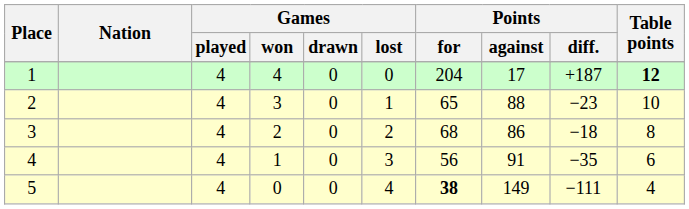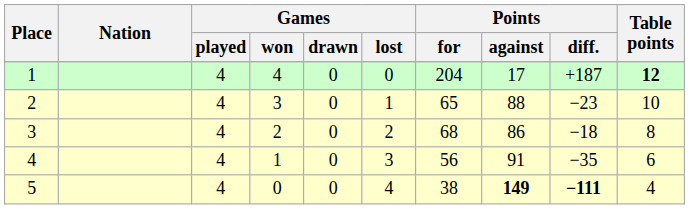 <table class="wikitable">
 <tr>
 <th rowspan=2 width="8%">Place</th>
 <th rowspan=2 width="20%">Nation</th>
 <th colspan=4 width="32%">Games</th>
 <th colspan=3 width="30%">Points</th>
 <th rowspan=2 width="10%">Table<br>points</th>
 </tr>
 <tr>
 <th width="8%">played</th>
 <th width="8%">won</th>
 <th width="8%">drawn</th>
 <th width="8%">lost</th>
 <th width="10%">for</th>
 <th width="10%">against</th>
 <th width="10%">diff.</th>
 </tr>
 <tr>
 </tr>
 <tr bgcolor=#ccffcc align=center>
 <td>1</td>
 <td align=left></td>
 <td>4</td>
 <td>4</td>
 <td>0</td>
 <td>0</td>
 <td>204</td>
 <td>17</td>
 <td>+187</td>
 <td><strong>12</strong></td>
 </tr>
 <tr bgcolor=#ffffcc align=center>
 <td>2</td>
 <td align=left></td>
 <td>4</td>
 <td>3</td>
 <td>0</td>
 <td>1</td>
 <td>65</td>
 <td>88</td>
 <td>−23</td>
 <td>10</td>
 </tr>
 <tr bgcolor=#ffffcc align=center>
 <td>3</td>
 <td align=left></td>
 <td>4</td>
 <td>2</td>
 <td>0</td>
 <td>2</td>
 <td>68</td>
 <td>86</td>
 <td>−18</td>
 <td>8</td>
 </tr>
 <tr bgcolor=#ffffcc align=center>
 <td>4</td>
 <td align=left></td>
 <td>4</td>
 <td>1</td>
 <td>0</td>
 <td>3</td>
 <td>56</td>
 <td>91</td>
 <td>−35</td>
 <td>6</td>
 </tr>
 <tr bgcolor=#ffffcc align=center>
 <td>5</td>
 <td align=left></td>
 <td>4</td>
 <td>0</td>
 <td>0</td>
 <td>4</td>
-<td><strong>38</strong></td>
-<td>149</td>
-<td>−111</td>
+<td>38</td>
+<td><strong>149</strong></td>
+<td><strong>−111</strong></td>
 <td>4</td>
 </tr>
 </table>
